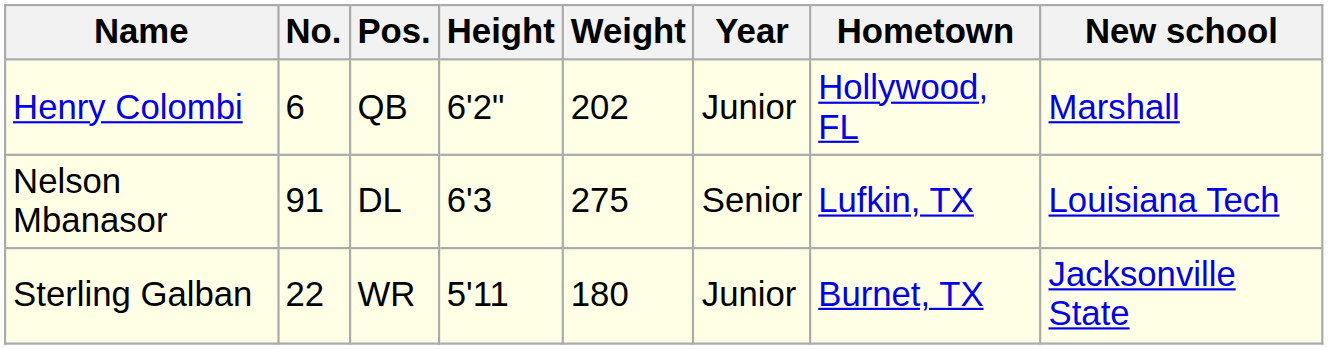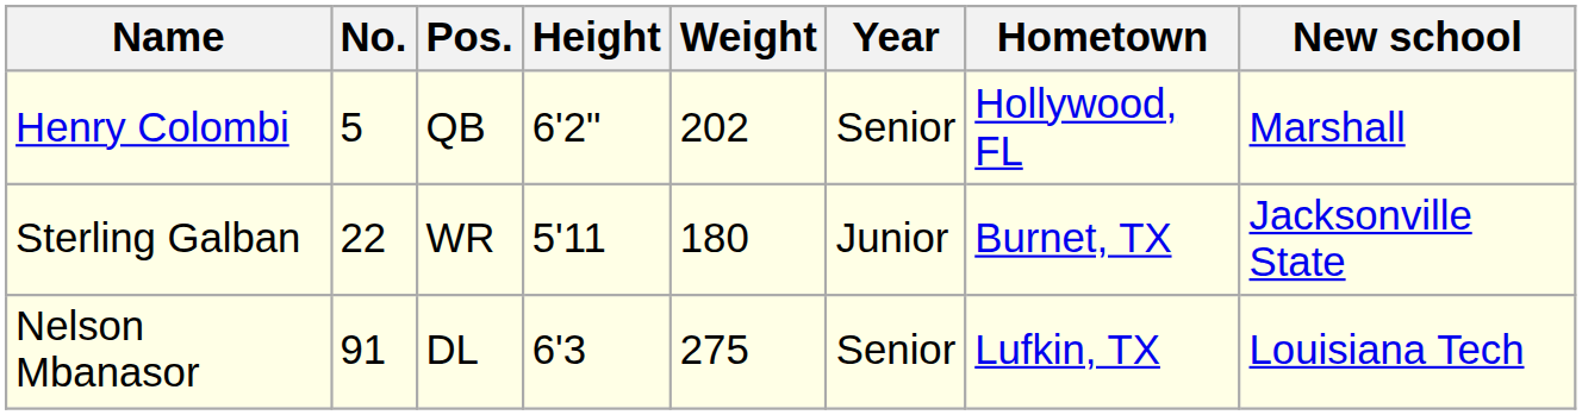 <table class="wikitable sortable">
 <tr>
 <th>Name</th>
 <th>No.</th>
 <th>Pos.</th>
 <th>Height</th>
 <th>Weight</th>
 <th>Year</th>
 <th>Hometown</th>
 <th class="unsortable">New school</th>
 </tr>
 <tr style="background:#FFFFE6;">
 <td><a href='#'>Henry Colombi</a></td>
-<td>6</td>
+<td>5</td>
 <td>QB</td>
 <td>6'2"</td>
 <td>202</td>
-<td>Junior</td>
+<td>Senior</td>
 <td><a href='#'>Hollywood, FL</a></td>
 <td><a href='#'>Marshall</a></td>
+</tr>
+<tr style="background:#FFFFE6;">
+<td>Sterling Galban</td>
+<td>22</td>
+<td>WR</td>
+<td>5'11</td>
+<td>180</td>
+<td>Junior</td>
+<td><a href='#'>Burnet, TX</a></td>
+<td><a href='#'>Jacksonville State</a></td>
 </tr>
 <tr style="background:#FFFFE6;">
 <td>Nelson Mbanasor</td>
 <td>91</td>
 <td>DL</td>
 <td>6'3</td>
 <td>275</td>
 <td>Senior</td>
 <td><a href='#'>Lufkin, TX</a></td>
 <td><a href='#'>Louisiana Tech</a></td>
 </tr>
-<tr style="background:#FFFFE6;">
-<td>Sterling Galban</td>
-<td>22</td>
-<td>WR</td>
-<td>5'11</td>
-<td>180</td>
-<td>Junior</td>
-<td><a href='#'>Burnet, TX</a></td>
-<td><a href='#'>Jacksonville State</a></td>
-</tr>
 </table>
